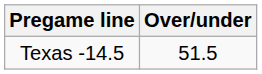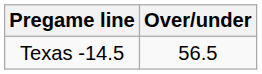 <table class="wikitable" style="margin-left: auto; margin-right: auto; border: none; display: inline-table;">
 <tr align="center">
 <th style=>Pregame line</th>
 <th style=>Over/under</th>
 </tr>
 <tr align="center">
 <td>Texas -14.5</td>
-<td>51.5</td>
+<td>56.5</td>
 </tr>
 </table>
